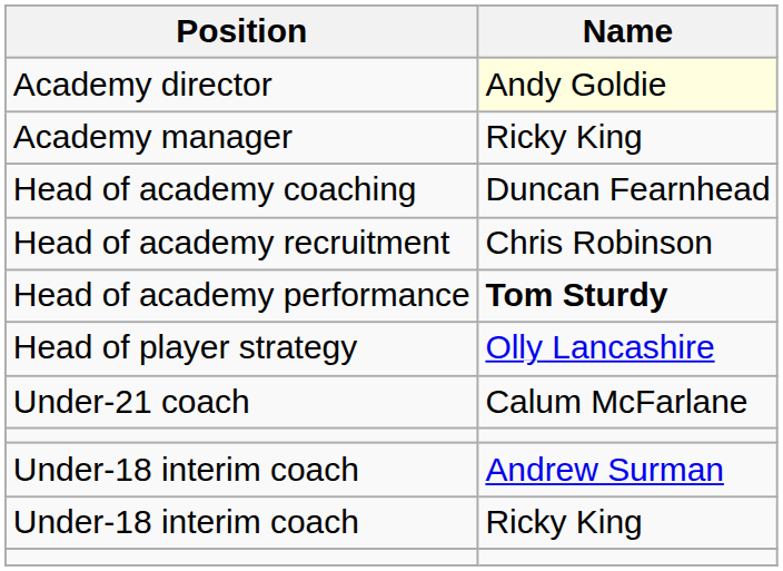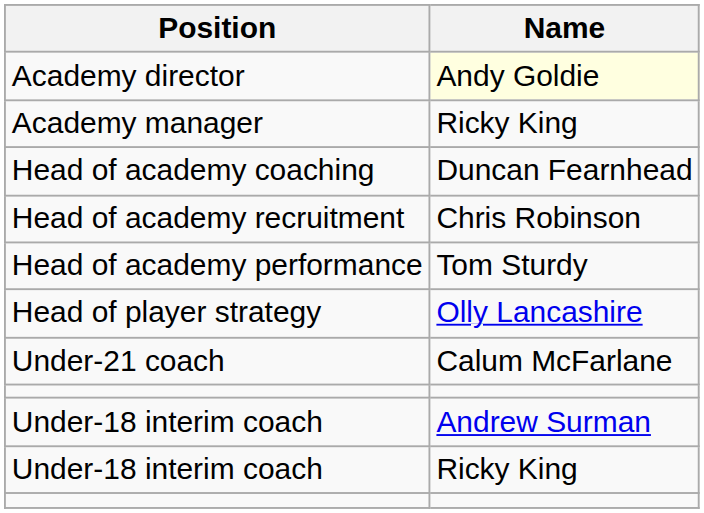 <table class="wikitable">
 <tr>
 <th>Position</th>
 <th>Name</th>
 </tr>
 <tr>
 <td>Academy director</td>
 <td style="background: lightyellow;">Andy Goldie</td>
 </tr>
 <tr>
 <td>Academy manager</td>
 <td>Ricky King</td>
 </tr>
 <tr>
 <td>Head of academy coaching</td>
 <td>Duncan Fearnhead</td>
 </tr>
 <tr>
 <td>Head of academy recruitment</td>
 <td>Chris Robinson</td>
 </tr>
 <tr>
 <td>Head of academy performance</td>
-<td><strong>Tom Sturdy</strong></td>
+<td>Tom Sturdy</td>
 </tr>
 <tr>
 <td>Head of player strategy</td>
 <td><a href='#'>Olly Lancashire</a></td>
 </tr>
 <tr>
 <td>Under-21 coach</td>
 <td>Calum McFarlane</td>
 </tr>
 <tr>
 <td></td>
 <td></td>
 </tr>
 <tr>
 <td>Under-18 interim coach</td>
 <td><a href='#'>Andrew Surman</a></td>
 </tr>
 <tr>
 <td>Under-18 interim coach</td>
 <td>Ricky King</td>
 </tr>
 <tr>
 <td></td>
 <td></td>
 </tr>
 </table>
